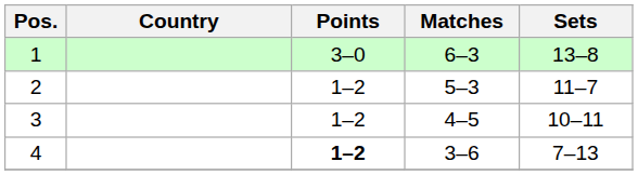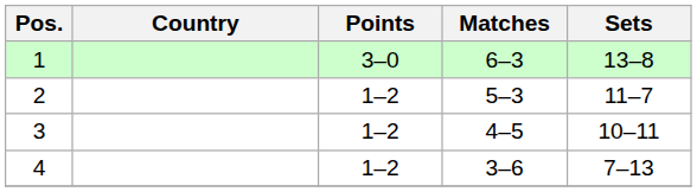 <table class="wikitable" style="text-align:center;">
 <tr>
 <th width=40>Pos.</th>
 <th width=165>Country</th>
 <th width=80>Points</th>
 <th width=80>Matches</th>
 <th width=80>Sets</th>
 </tr>
 <tr style="background:#ccffcc;">
 <td>1</td>
 <td style="text-align:left;"></td>
 <td>3–0</td>
 <td>6–3</td>
 <td>13–8</td>
 </tr>
 <tr style="background:#ffffff;">
 <td>2</td>
 <td style="text-align:left;"></td>
 <td>1–2</td>
 <td>5–3</td>
 <td>11–7</td>
 </tr>
 <tr style="background:#ffffff;">
 <td>3</td>
 <td style="text-align:left;"></td>
 <td>1–2</td>
 <td>4–5</td>
 <td>10–11</td>
 </tr>
 <tr style="background:#ffffff;">
 <td>4</td>
 <td style="text-align:left;"></td>
-<td><strong>1–2</strong></td>
+<td>1–2</td>
 <td>3–6</td>
 <td>7–13</td>
 </tr>
 <tr style="background:#ffffff;">
 </tr>
 </table>
